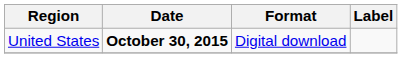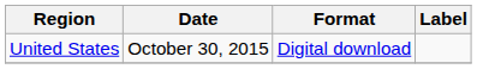 <table class=wikitable>
 <tr>
 <th>Region</th>
 <th>Date</th>
 <th>Format</th>
 <th>Label</th>
 </tr>
 <tr>
 <td><a href='#'>United States</a></td>
-<td><strong>October 30, 2015</strong></td>
+<td>October 30, 2015</td>
 <td><a href='#'>Digital download</a></td>
 <td></td>
 </tr>
 <tr>
 </tr>
 </table>
